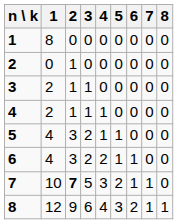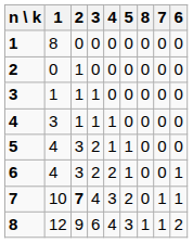 <table class="wikitable">
 <tr>
 <th><strong>n \ k</strong></th>
 <th><strong>1</strong></th>
 <th><strong>2</strong></th>
 <th><strong>3</strong></th>
 <th><strong>4</strong></th>
 <th><strong>5</strong></th>
+<th><strong>8</strong></th>
+<th><strong>7</strong></th>
 <th><strong>6</strong></th>
-<th><strong>7</strong></th>
-<th><strong>8</strong></th>
 </tr>
 <tr>
 <td><strong>1</strong></td>
 <td>8</td>
 <td>0</td>
 <td>0</td>
 <td>0</td>
 <td>0</td>
 <td>0</td>
 <td>0</td>
 <td>0</td>
 </tr>
 <tr>
 <td><strong>2</strong></td>
 <td>0</td>
 <td>1</td>
 <td>0</td>
 <td>0</td>
 <td>0</td>
 <td>0</td>
 <td>0</td>
 <td>0</td>
 </tr>
 <tr>
 <td><strong>3</strong></td>
-<td>2</td>
+<td>1</td>
 <td>1</td>
 <td>1</td>
 <td>0</td>
 <td>0</td>
 <td>0</td>
 <td>0</td>
 <td>0</td>
 </tr>
 <tr>
 <td><strong>4</strong></td>
-<td>2</td>
+<td>3</td>
 <td>1</td>
 <td>1</td>
 <td>1</td>
 <td>0</td>
 <td>0</td>
 <td>0</td>
 <td>0</td>
 </tr>
 <tr>
 <td><strong>5</strong></td>
 <td>4</td>
 <td>3</td>
 <td>2</td>
 <td>1</td>
 <td>1</td>
 <td>0</td>
 <td>0</td>
 <td>0</td>
 </tr>
 <tr>
 <td><strong>6</strong></td>
 <td>4</td>
 <td>3</td>
 <td>2</td>
 <td>2</td>
 <td>1</td>
-<td>1</td>
 <td>0</td>
 <td>0</td>
+<td>1</td>
 </tr>
 <tr>
 <td><strong>7</strong></td>
 <td>10</td>
 <td><strong>7</strong></td>
-<td>5</td>
+<td>4</td>
 <td>3</td>
 <td>2</td>
+<td>0</td>
 <td>1</td>
 <td>1</td>
-<td>0</td>
 </tr>
 <tr>
 <td><strong>8</strong></td>
 <td>12</td>
 <td>9</td>
 <td>6</td>
 <td>4</td>
 <td>3</td>
-<td>2</td>
 <td>1</td>
 <td>1</td>
+<td>2</td>
 </tr>
 </table>
